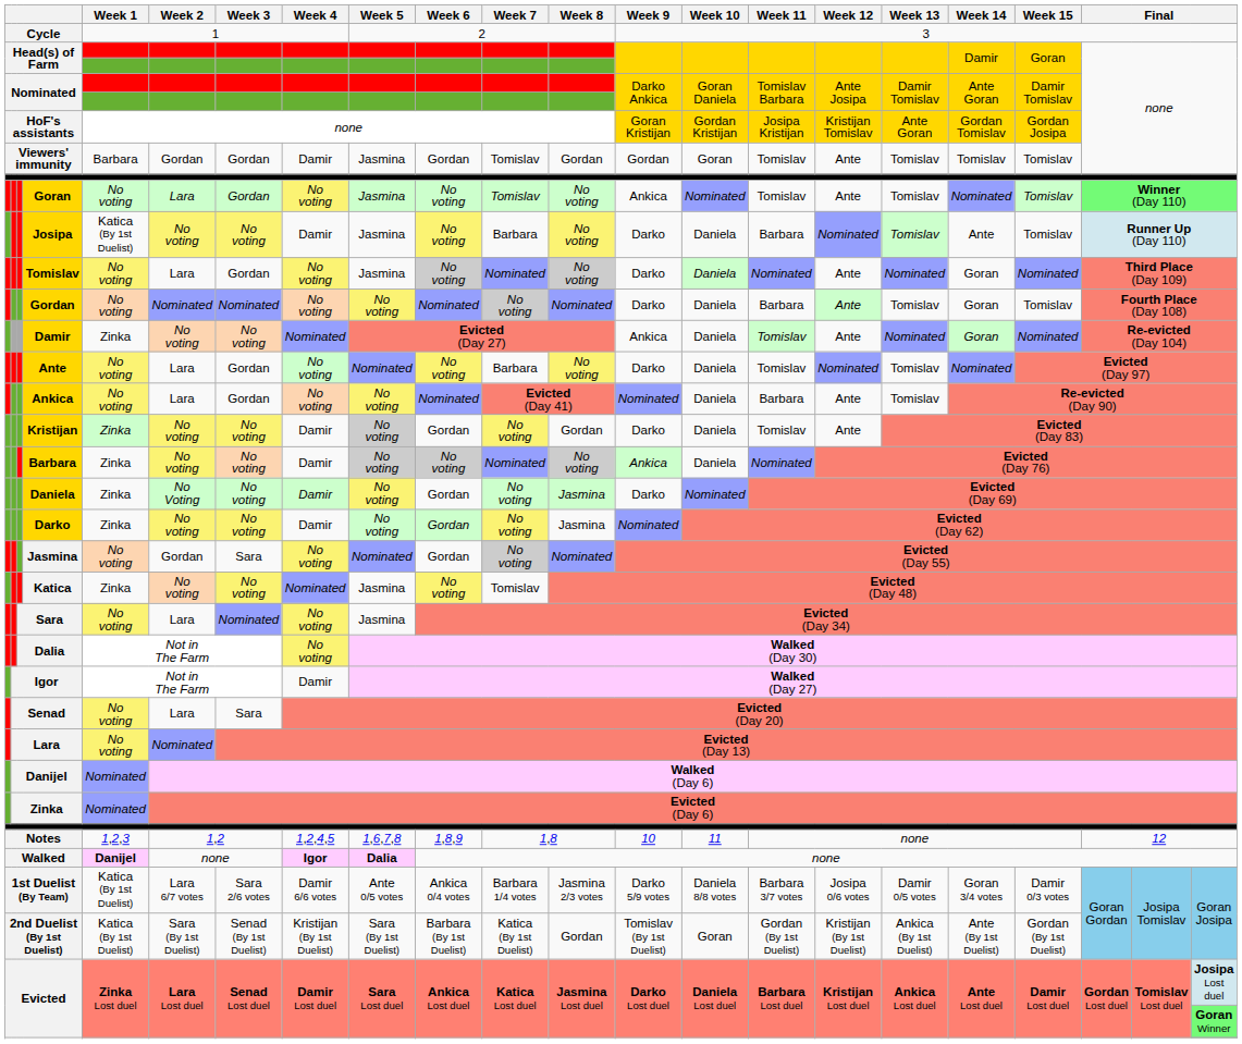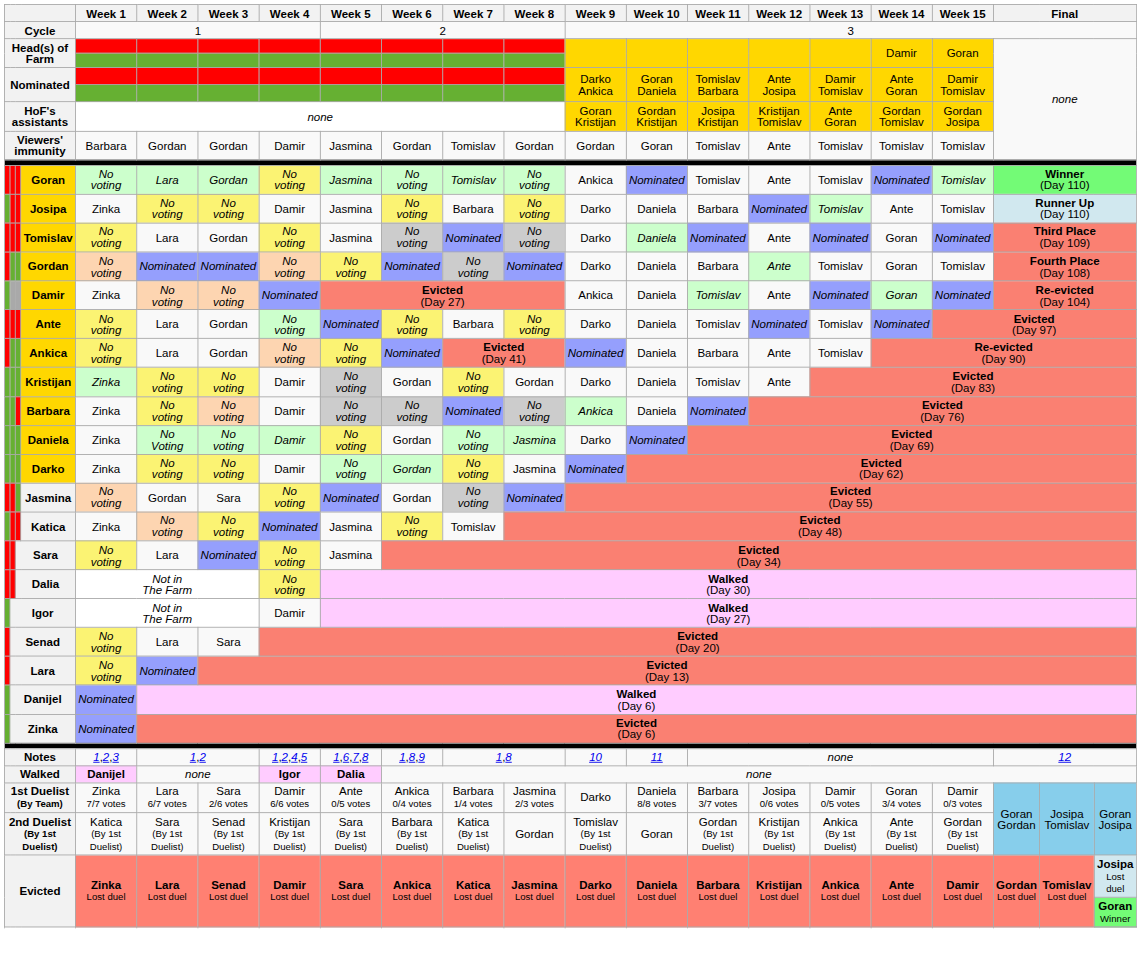 <table class="wikitable" style="text-align:center; width:100%; font-size:80%; line-height:13px">
 <tr>
 <th colspan="4" style="width:5%"></th>
 <th style="width:5.5%">Week 1</th>
 <th style="width:5.5%">Week 2</th>
 <th style="width:5.5%">Week 3</th>
 <th style="width:5.5%">Week 4</th>
 <th style="width:5.5%">Week 5</th>
 <th style="width:5.5%">Week 6</th>
 <th style="width:5.5%">Week 7</th>
 <th style="width:5.5%">Week 8</th>
 <th style="width:5.5%">Week 9</th>
 <th style="width:5.5%">Week 10</th>
 <th style="width:5.5%">Week 11</th>
 <th style="width:5.5%">Week 12</th>
 <th style="width:5.5%">Week 13</th>
 <th style="width:5.5%">Week 14</th>
 <th style="width:5.5%">Week 15</th>
 <th style="width:5.5%" colspan=3>Final</th>
 </tr>
 <tr>
 <th colspan="4" style="width:5%">Cycle</th>
 <td colspan="4">1</td>
 <td colspan="4">2</td>
 <td colspan="10">3</td>
 </tr>
 <tr>
 <th rowspan="2" colspan="4" style="width:5%">Head(s) of Farm</th>
 <td style="background:red"></td>
 <td style="background:red"></td>
 <td style="background:red"></td>
 <td style="background:red"></td>
 <td style="background:red"></td>
 <td style="background:red"></td>
 <td style="background:red"></td>
 <td style="background:red"></td>
 <td rowspan="2" style="background:gold"></td>
 <td rowspan="2" style="background:gold"></td>
 <td rowspan="2" style="background:gold"></td>
 <td rowspan="2" style="background:gold"></td>
 <td rowspan="2" style="background:gold"></td>
 <td rowspan="2" style="background:gold">Damir</td>
 <td rowspan="2" style="background:gold">Goran</td>
 <td rowspan=6 colspan=3><em>none</em></td>
 </tr>
 <tr>
 <td style="background:#66B032"></td>
 <td style="background:#66B032"></td>
 <td style="background:#66B032"></td>
 <td style="background:#66B032"></td>
 <td style="background:#66B032"></td>
 <td style="background:#66B032"></td>
 <td style="background:#66B032"></td>
 <td style="background:#66B032"></td>
 </tr>
 <tr>
 <th rowspan ="2" colspan="4" style="width:5%">Nominated</th>
 <td style="background:red"> <br> </td>
 <td style="background:red"> <br> </td>
 <td style="background:red"> <br> </td>
 <td style="background:red"> <br> </td>
 <td style="background:red"> <br> </td>
 <td style="background:red"> <br> </td>
 <td style="background:red"> <br> </td>
 <td style="background:red"> <br> </td>
 <td rowspan="2" style="background:gold">Darko  <br> Ankica</td>
 <td rowspan="2" style="background:gold">Goran  <br> Daniela</td>
 <td rowspan="2" style="background:gold">Tomislav  <br> Barbara</td>
 <td rowspan="2" style="background:gold">Ante <br> Josipa</td>
 <td rowspan="2" style="background:gold">Damir <br> Tomislav</td>
 <td rowspan="2" style="background:gold">Ante<br> Goran</td>
 <td rowspan="2" style="background:gold">Damir <br> Tomislav</td>
 </tr>
 <tr>
 <td style="background:#66B032"> <br> </td>
 <td style="background:#66B032"> <br> </td>
 <td style="background:#66B032"> <br> </td>
 <td style="background:#66B032"> <br> </td>
 <td style="background:#66B032"> <br> </td>
 <td style="background:#66B032"> <br> </td>
 <td style="background:#66B032"> <br> </td>
 <td style="background:#66B032"> <br> </td>
 </tr>
 <tr>
 <th colspan="4" style="width:5%">HoF's assistants</th>
 <td style="background:#FFFFFF; text-align:center;" colspan=8><em>none</em></td>
 <td style="background:gold">Goran <br> Kristijan</td>
 <td style="background:gold">Gordan <br> Kristijan</td>
 <td style="background:gold">Josipa <br> Kristijan</td>
 <td style="background:gold">Kristijan <br> Tomislav</td>
 <td style="background:gold">Ante <br> Goran</td>
 <td style="background:gold">Gordan <br> Tomislav</td>
 <td style="background:gold">Gordan <br> Josipa</td>
 </tr>
 <tr>
 <th colspan="4" style="width:5%">Viewers' immunity</th>
 <td>Barbara</td>
 <td>Gordan</td>
 <td>Gordan</td>
 <td>Damir</td>
 <td>Jasmina</td>
 <td>Gordan</td>
 <td>Tomislav</td>
 <td>Gordan</td>
 <td>Gordan</td>
 <td>Goran</td>
 <td>Tomislav</td>
 <td>Ante</td>
 <td>Tomislav</td>
 <td>Tomislav</td>
 <td>Tomislav</td>
 </tr>
 <tr>
 <th style="background:#000000;" colspan="22"></th>
 </tr>
 <tr>
 <td style="background:red"></td>
 <td style="background:red"></td>
 <td style="background:red"></td>
 <th style="background:gold">Goran</th>
 <td style="background:#cfc"><em>No<br>voting</em></td>
 <td style="background:#cfc"><em>Lara</em></td>
 <td style="background:#cfc"><em>Gordan</em></td>
 <td style="background:#FBF373"><em>No<br>voting</em></td>
 <td style="background:#cfc"><em>Jasmina</em></td>
 <td style="background:#cfc"><em>No<br>voting</em></td>
 <td style="background:#cfc"><em>Tomislav</em></td>
 <td style="background:#cfc"><em>No<br>voting </em></td>
 <td>Ankica</td>
 <td style="background:#959ffd"><em>Nominated</em></td>
 <td>Tomislav</td>
 <td>Ante</td>
 <td>Tomislav</td>
 <td style="background:#959ffd"><em>Nominated</em></td>
 <td style="background:#cfc"><em>Tomislav</em></td>
 <td style="background:#73FB76" colspan="3"><strong>Winner</strong><br>(Day 110)</td>
 </tr>
 <tr>
 <td style="background:#66B032"></td>
 <td style="background:red"></td>
 <td style="background:red"></td>
 <th style="background:gold">Josipa</th>
-<td>Katica<br><small>(By 1st Duelist)</small></td>
+<td>Zinka</td>
 <td style="background:#FBF373"><em>No<br>voting</em></td>
 <td style="background:#FBF373"><em>No<br>voting</em></td>
 <td>Damir</td>
 <td>Jasmina</td>
 <td style="background:#FBF373"><em>No<br>voting</em></td>
 <td>Barbara</td>
 <td style="background:#FBF373"><em>No<br>voting</em></td>
 <td>Darko</td>
 <td>Daniela</td>
 <td>Barbara</td>
 <td style="background:#959ffd"><em>Nominated</em></td>
 <td style="background:#cfc"><em>Tomislav</em></td>
 <td>Ante</td>
 <td>Tomislav</td>
 <td style="background:#D1E8EF" colspan="3"><strong>Runner Up</strong><br>(Day 110)</td>
 </tr>
 <tr>
 <td style="background:red"></td>
 <td style="background:red"></td>
 <td style="background:red"></td>
 <th style="background:gold">Tomislav</th>
 <td style="background:#FBF373"><em>No<br>voting</em></td>
 <td>Lara</td>
 <td>Gordan</td>
 <td style="background:#FBF373"><em>No<br>voting</em></td>
 <td>Jasmina</td>
 <td style="background:#ccc"><em>No<br>voting</em></td>
 <td style="background:#959ffd"><em>Nominated</em></td>
 <td style="background:#ccc"><em>No<br>voting</em></td>
 <td>Darko</td>
 <td style="background:#cfc"><em>Daniela</em></td>
 <td style="background:#959ffd"><em>Nominated</em></td>
 <td>Ante</td>
 <td style="background:#959ffd"><em>Nominated</em></td>
 <td>Goran</td>
 <td style="background:#959ffd"><em>Nominated</em></td>
 <td style="background:salmon; text-align:center;" colspan=3><strong>Third Place</strong><br>(Day 109)</td>
 </tr>
 <tr>
 <td style="background:red"></td>
 <td style="background:#66B032"></td>
 <td style="background:#66B032"></td>
 <th style="background:gold">Gordan</th>
 <td style="background:#FDD5B1"><em>No<br>voting</em></td>
 <td style="background:#959ffd"><em>Nominated</em></td>
 <td style="background:#959ffd"><em>Nominated</em></td>
 <td style="background:#FDD5B1"><em>No<br>voting</em></td>
 <td style="background:#FBF373"><em>No<br>voting</em></td>
 <td style="background:#959ffd"><em>Nominated</em></td>
 <td style="background:#ccc"><em>No<br>voting</em></td>
 <td style="background:#959ffd"><em>Nominated</em></td>
 <td>Darko</td>
 <td>Daniela</td>
 <td>Barbara</td>
 <td style="background:#cfc"><em>Ante</em></td>
 <td>Tomislav</td>
 <td>Goran</td>
 <td>Tomislav</td>
 <td style="background:salmon; text-align:center;" colspan=3><strong>Fourth Place</strong><br>(Day 108)</td>
 </tr>
 <tr>
 <td style="background:#66B032"></td>
 <td style="background:darkgrey"></td>
 <td style="background:darkgrey"></td>
 <th style="background:gold">Damir</th>
 <td>Zinka</td>
 <td style="background:#FDD5B1"><em>No<br>voting  </em></td>
 <td style="background:#FDD5B1"><em>No<br>voting </em></td>
 <td style="background:#959ffd"><em>Nominated</em></td>
 <td style="background:salmon; text-align:center;" colspan=4><strong>Evicted</strong><br>(Day 27)</td>
 <td>Ankica</td>
 <td>Daniela</td>
 <td style="background:#cfc"><em>Tomislav</em></td>
 <td>Ante</td>
 <td style="background:#959ffd"><em>Nominated</em></td>
 <td style="background:#cfc"><em>Goran</em></td>
 <td style="background:#959ffd"><em>Nominated</em></td>
 <td style="background:salmon; text-align:center;" colspan=4><strong>Re-evicted</strong><br>(Day 104)</td>
 </tr>
 <tr>
 <td style="background:red"></td>
 <td style="background:red"></td>
 <td style="background:red"></td>
 <th style="background:gold">Ante</th>
 <td style="background:#FBF373"><em>No<br>voting</em></td>
 <td>Lara</td>
 <td>Gordan</td>
 <td style="background:#cfc"><em>No<br>voting</em></td>
 <td style="background:#959ffd"><em>Nominated</em></td>
 <td style="background:#FBF373"><em>No<br>voting</em></td>
 <td>Barbara</td>
 <td style="background:#FBF373"><em>No<br>voting</em></td>
 <td>Darko</td>
 <td>Daniela</td>
 <td>Tomislav</td>
 <td style="background:#959ffd"><em>Nominated</em></td>
 <td>Tomislav</td>
 <td style="background:#959ffd"><em>Nominated</em></td>
 <td style="background:salmon; text-align:center;" colspan=5><strong>Evicted</strong><br>(Day 97)</td>
 </tr>
 <tr>
 <td style="background:red"></td>
 <td style="background:#66B032"></td>
 <td style="background:#66B032"></td>
 <th style="background:gold">Ankica</th>
 <td style="background:#FBF373"><em>No<br>voting</em></td>
 <td>Lara</td>
 <td>Gordan</td>
 <td style="background:#FDD5B1"><em>No<br>voting</em></td>
 <td style="background:#FBF373"><em>No<br>voting</em></td>
 <td style="background:#959ffd"><em>Nominated</em></td>
 <td style="background:salmon; text-align:center;" colspan=2><strong>Evicted</strong><br>(Day 41)</td>
 <td style="background:#959ffd"><em>Nominated</em></td>
 <td>Daniela</td>
 <td>Barbara</td>
 <td>Ante</td>
 <td>Tomislav</td>
 <td style="background:salmon; text-align:center;" colspan=5><strong>Re-evicted</strong><br>(Day 90)</td>
 </tr>
 <tr>
 <td style="background:#66B032"></td>
 <td style="background:#66B032"></td>
 <td style="background:#66B032"></td>
 <th style="background:gold">Kristijan</th>
 <td style="background:#cfc"><em>Zinka</em></td>
 <td style="background:#FBF373"><em>No<br>voting</em></td>
 <td style="background:#FBF373"><em>No<br>voting</em></td>
 <td>Damir</td>
 <td style="background:#ccc"><em>No<br>voting</em></td>
 <td>Gordan</td>
 <td style="background:#FBF373"><em>No<br>voting</em></td>
 <td>Gordan</td>
 <td>Darko</td>
 <td>Daniela</td>
 <td>Tomislav</td>
 <td>Ante</td>
 <td style="background:salmon; text-align:center;" colspan=6><strong>Evicted</strong><br>(Day 83)</td>
 </tr>
 <tr>
 <td style="background:#66B032"></td>
 <td style="background:#66B032"></td>
 <td style="background:red"></td>
 <th style="background:gold">Barbara</th>
 <td>Zinka</td>
 <td style="background:#FBF373"><em>No<br>voting</em></td>
 <td style="background:#FDD5B1"><em>No<br>voting  </em></td>
 <td>Damir</td>
 <td style="background:#ccc"><em>No<br>voting</em></td>
 <td style="background:#ccc"><em>No<br>voting</em></td>
 <td style="background:#959ffd"><em>Nominated</em></td>
 <td style="background:#ccc"><em>No<br>voting</em></td>
 <td style="background:#cfc"><em>Ankica</em></td>
 <td>Daniela</td>
 <td style="background:#959ffd"><em>Nominated</em></td>
 <td style="background:salmon; text-align:center;" colspan=7><strong>Evicted</strong><br>(Day 76)</td>
 </tr>
 <tr>
 <td style="background:#66B032"></td>
 <td style="background:#66B032"></td>
 <td style="background:#66B032"></td>
 <th style="background:gold">Daniela</th>
 <td>Zinka</td>
 <td style="background:#cfc"><em>No<br>Voting</em></td>
 <td style="background:#cfc"><em>No<br>voting</em></td>
 <td style="background:#cfc"><em>Damir</em></td>
 <td style="background:#FBF373"><em>No<br>voting</em></td>
 <td>Gordan</td>
 <td style="background:#cfc"><em>No<br>voting</em></td>
 <td style="background:#cfc"><em>Jasmina</em></td>
 <td>Darko</td>
 <td style="background:#959ffd"><em>Nominated</em></td>
 <td style="background:salmon; text-align:center;" colspan=8><strong>Evicted</strong><br>(Day 69)</td>
 </tr>
 <tr>
 <td style="background:#66B032"></td>
 <td style="background:#66B032"></td>
 <td style="background:#66B032"></td>
 <th style="background:gold">Darko</th>
 <td>Zinka</td>
 <td style="background:#FBF373"><em>No<br>voting</em></td>
 <td style="background:#FBF373"><em>No<br>voting</em></td>
 <td>Damir</td>
 <td style="background:#cfc"><em>No<br>voting</em></td>
 <td style="background:#cfc"><em>Gordan</em></td>
 <td style="background:#FBF373"><em>No<br>voting</em></td>
 <td>Jasmina</td>
 <td style="background:#959ffd"><em>Nominated</em></td>
 <td style="background:salmon; text-align:center;" colspan=9><strong>Evicted</strong><br>(Day 62)</td>
 </tr>
 <tr>
 <td style="background:red"></td>
 <td style="background:red"></td>
 <td style="background:#66B032"></td>
 <th>Jasmina</th>
 <td style="background:#FDD5B1"><em>No<br>voting</em></td>
 <td>Gordan</td>
 <td>Sara</td>
 <td style="background:#FBF373"><em>No<br>voting</em></td>
 <td style="background:#959ffd"><em>Nominated</em></td>
 <td>Gordan</td>
 <td style="background:#ccc"><em>No<br>voting</em></td>
 <td style="background:#959ffd"><em>Nominated</em></td>
 <td style="background:salmon; text-align:center;" colspan=10><strong>Evicted</strong><br>(Day 55)</td>
 </tr>
 <tr>
 <td style="background:#66B032"></td>
 <td style="background:red"></td>
 <td style="background:red"></td>
 <th>Katica</th>
 <td>Zinka</td>
 <td style="background:#FDD5B1"><em>No<br>voting</em></td>
 <td style="background:#FBF373"><em>No<br>voting</em></td>
 <td style="background:#959ffd"><em>Nominated</em></td>
 <td>Jasmina</td>
 <td style="background:#FBF373"><em>No<br>voting</em></td>
 <td>Tomislav</td>
 <td style="background:salmon; text-align:center;" colspan=11><strong>Evicted</strong><br>(Day 48)</td>
 </tr>
 <tr>
 <td style="background:red"></td>
 <td style="background:red"></td>
 <th colspan="2">Sara</th>
 <td style="background:#FBF373"><em>No<br>voting</em></td>
 <td>Lara</td>
 <td style="background:#959ffd"><em>Nominated</em></td>
 <td style="background:#FBF373"><em>No<br>voting</em></td>
 <td>Jasmina</td>
 <td style="background:salmon; text-align:center;" colspan=13><strong>Evicted</strong><br>(Day 34)</td>
 </tr>
 <tr>
 <td style="background:red"></td>
 <td style="background:red"></td>
 <th colspan="2">Dalia</th>
 <td style="background:#FFFFFF; text-align:center;" colspan=3><em>Not in<br>The Farm</em></td>
 <td style="background:#FBF373"><em>No<br>voting</em></td>
 <td style="background:#fcf; text-align:center;" colspan=14><strong>Walked</strong><br>(Day 30)</td>
 </tr>
 <tr>
 <td style="background:#66B032"></td>
 <th colspan="3">Igor</th>
 <td style="background:#FFFFFF; text-align:center;" colspan=3><em>Not in<br>The Farm</em></td>
 <td>Damir</td>
 <td style="background:#fcf; text-align:center;" colspan=14><strong>Walked</strong><br>(Day 27)</td>
 </tr>
 <tr>
 <td style="background:red"></td>
 <th colspan="3">Senad</th>
 <td style="background:#FBF373"><em>No<br>voting</em></td>
 <td>Lara</td>
 <td>Sara</td>
 <td style="background:salmon; text-align:center;" colspan=15><strong>Evicted</strong><br>(Day 20)</td>
 </tr>
 <tr>
 <td style="background:red"></td>
 <th colspan="3">Lara</th>
 <td style="background:#FBF373"><em>No<br>voting</em></td>
 <td style="background:#959ffd"><em>Nominated</em></td>
 <td style="background:salmon; text-align:center;" colspan=16><strong>Evicted</strong><br>(Day 13)</td>
 </tr>
 <tr>
 <td style="background:#66B032"></td>
 <th colspan="3">Danijel</th>
 <td style="background:#959ffd"><em>Nominated</em></td>
 <td style="background:#fcf; text-align:center;" colspan=17><strong>Walked</strong><br>(Day 6)</td>
 </tr>
 <tr>
 <td style="background:#66B032"></td>
 <th colspan="3">Zinka</th>
 <td style="background:#959ffd"><em>Nominated</em></td>
 <td style="background:salmon; text-align:center;" colspan=17><strong>Evicted</strong><br>(Day 6)</td>
 </tr>
 <tr>
 <th style="background:#000000;" colspan="22"></th>
 </tr>
 <tr>
 <th colspan="4" style="width:5%">Notes</th>
 <td><em><a href='#'>1</a></em>,<em><a href='#'>2</a></em>,<em><a href='#'>3</a></em></td>
 <td colspan="2"><em><a href='#'>1</a></em>,<em><a href='#'>2</a></em></td>
 <td><em><a href='#'>1</a></em>,<em><a href='#'>2</a></em>,<em><a href='#'>4</a></em>,<em><a href='#'>5</a></em></td>
 <td><em><a href='#'>1</a></em>,<em><a href='#'>6</a></em>,<em><a href='#'>7</a></em>,<em><a href='#'>8</a></em></td>
 <td><em><a href='#'>1</a></em>,<em><a href='#'>8</a></em>,<em><a href='#'>9</a></em></td>
 <td colspan="2"><em><a href='#'>1</a></em>,<em><a href='#'>8</a></em></td>
 <td><em><a href='#'>10</a></em></td>
 <td><em><a href='#'>11</a></em></td>
 <td colspan="5"><em>none</em></td>
 <td colspan="3"><em><a href='#'>12</a></em></td>
 </tr>
 <tr>
 <th colspan="4" style="width:5%">Walked</th>
 <td style="background:#fcf;"><strong>Danijel</strong></td>
 <td colspan="2"><em>none</em></td>
 <td style="background:#fcf;"><strong>Igor</strong></td>
 <td style="background:#fcf;"><strong>Dalia</strong></td>
 <td colspan="13"><em>none</em></td>
 </tr>
 <tr>
 <th colspan="4" style="width:5%">1st Duelist<br><small>(By Team)</small></th>
-<td>Katica<br><small>(By 1st Duelist)</small></td>
+<td>Zinka <br><small>7/7 votes</small></td>
 <td>Lara<br><small>6/7 votes</small></td>
 <td>Sara<br><small>2/6 votes</small></td>
 <td>Damir<br><small>6/6 votes</small></td>
 <td>Ante <br><small>0/5 votes</small></td>
 <td>Ankica<br><small>0/4 votes</small></td>
 <td>Barbara<br><small>1/4 votes</small></td>
 <td>Jasmina<br><small>2/3 votes</small></td>
-<td>Darko<br><small>5/9 votes</small></td>
+<td>Darko</td>
 <td>Daniela <br><small>8/8 votes</small></td>
 <td>Barbara <br><small>3/7 votes</small></td>
 <td>Josipa <br><small>0/6 votes</small></td>
 <td>Damir<br><small>0/5 votes</small></td>
 <td>Goran<br><small>3/4 votes</small></td>
 <td>Damir<br><small>0/3 votes</small></td>
 <td rowspan="2" style="background:skyblue">Goran<br>Gordan</td>
 <td rowspan="2" style="background:skyblue">Josipa<br>Tomislav</td>
 <td rowspan="2" style="background:skyblue">Goran<br>Josipa</td>
 </tr>
 <tr>
 <th colspan="4" style="width:5%">2nd Duelist<br><small>(By 1st Duelist)</small></th>
 <td>Katica<br><small>(By 1st Duelist)</small></td>
 <td>Sara<br><small>(By 1st Duelist)</small></td>
 <td>Senad<br><small>(By 1st Duelist) </small></td>
 <td>Kristijan <br><small>(By 1st Duelist) </small></td>
 <td>Sara<br><small>(By 1st Duelist)</small></td>
 <td>Barbara<br><small>(By 1st Duelist)</small></td>
 <td>Katica<br><small>(By 1st Duelist)</small></td>
 <td>Gordan</td>
 <td>Tomislav <br><small>(By 1st Duelist)</small></td>
 <td>Goran</td>
 <td>Gordan <br><small>(By 1st Duelist)</small></td>
 <td>Kristijan <br><small>(By 1st Duelist)</small></td>
 <td>Ankica<br><small>(By 1st Duelist)</small></td>
 <td>Ante<br><small>(By 1st Duelist)</small></td>
 <td>Gordan<br><small>(By 1st Duelist)</small></td>
 </tr>
 <tr>
 <th colspan="4" rowspan="4">Evicted</th>
 <td rowspan="4" style="background:#FF8072"><strong>Zinka</strong><br><small>Lost duel</small></td>
 <td rowspan="4" style="background:#FF8072"><strong>Lara</strong><br><small>Lost duel</small></td>
 <td rowspan="4" style="background:#FF8072"><strong>Senad</strong><br><small>Lost duel</small></td>
 <td rowspan="4" style="background:#FF8072"><strong>Damir</strong><br><small>Lost duel</small></td>
 <td rowspan="4" style="background:#FF8072"><strong>Sara</strong><br><small>Lost duel</small></td>
 <td rowspan="4" style="background:#FF8072"><strong>Ankica</strong><br><small>Lost duel</small></td>
 <td rowspan="4" style="background:#FF8072"><strong>Katica</strong><br><small>Lost duel</small></td>
 <td rowspan="4" style="background:#FF8072"><strong>Jasmina</strong><br><small>Lost duel</small></td>
 <td rowspan="4" style="background:#FF8072"><strong>Darko</strong><br><small>Lost duel</small></td>
 <td rowspan="4" style="background:#FF8072"><strong>Daniela</strong><br><small>Lost duel</small></td>
 <td rowspan="4" style="background:#FF8072"><strong>Barbara</strong><br><small>Lost duel</small></td>
 <td rowspan="4" style="background:#FF8072"><strong>Kristijan</strong><br><small>Lost duel</small></td>
 <td rowspan="4" style="background:#FF8072"><strong>Ankica</strong><br><small>Lost duel</small></td>
 <td rowspan="4" style="background:#FF8072"><strong>Ante</strong><br><small>Lost duel</small></td>
 <td rowspan="4" style="background:#FF8072"><strong>Damir</strong><br><small>Lost duel</small></td>
 <td rowspan="4" style="background:#FF8072"><strong>Gordan</strong><br><small>Lost duel</small></td>
 <td rowspan="4" style="background:#FF8072"><strong>Tomislav</strong><br><small>Lost duel</small></td>
 <td rowspan="1" style="background:#D1E8EF"><strong>Josipa</strong><br><small>Lost duel</small></td>
 </tr>
 <tr>
 <td rowspan="1" style="background:#73FB76"><strong>Goran</strong><br><small>Winner</small></td>
 </tr>
 <tr>
 </tr>
 </table>
